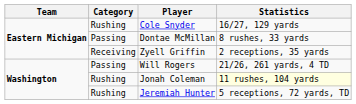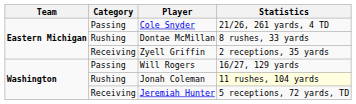 <table class="wikitable" style="float: right;">
 <tr>
 <th>Team</th>
 <th>Category</th>
 <th>Player</th>
 <th>Statistics</th>
 </tr>
 <tr>
 <td rowspan=3><strong>Eastern  Michigan</strong></td>
-<td>Rushing</td>
+<td>Passing</td>
 <td><a href='#'>Cole Snyder</a></td>
-<td>16/27, 129 yards</td>
+<td>21/26, 261 yards, 4 TD</td>
 </tr>
 <tr>
-<td>Passing</td>
+<td>Rushing</td>
 <td>Dontae McMillan</td>
 <td>8 rushes, 33 yards</td>
 </tr>
 <tr>
 <td>Receiving</td>
 <td>Zyell Griffin</td>
 <td>2 receptions, 35 yards</td>
 </tr>
 <tr>
 <td rowspan=3><strong>Washington</strong></td>
 <td>Passing</td>
 <td>Will Rogers</td>
-<td>21/26, 261 yards, 4 TD</td>
+<td>16/27, 129 yards</td>
 </tr>
 <tr>
 <td>Rushing</td>
 <td>Jonah Coleman</td>
 <td style="background: lightyellow;">11 rushes, 104 yards</td>
 </tr>
 <tr>
-<td>Rushing</td>
+<td>Receiving</td>
 <td><a href='#'>Jeremiah Hunter</a></td>
 <td>5 receptions, 72 yards, TD</td>
 </tr>
 </table>
